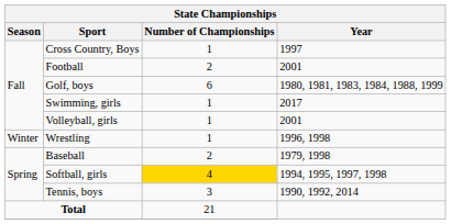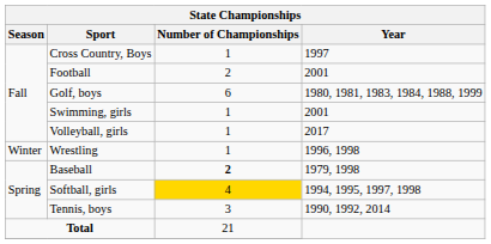 <table class="wikitable">
 <tr>
 <th colspan=4>State Championships</th>
 </tr>
 <tr>
 <th>Season</th>
 <th>Sport</th>
 <th>Number of Championships</th>
 <th>Year</th>
 </tr>
 <tr>
 <td rowspan=5>Fall</td>
 <td>Cross Country, Boys</td>
 <td align="center">1</td>
 <td>1997</td>
 </tr>
 <tr>
 <td>Football</td>
 <td align="center">2</td>
 <td>2001</td>
 </tr>
 <tr>
 <td>Golf, boys</td>
 <td align="center">6</td>
 <td>1980, 1981, 1983, 1984, 1988, 1999</td>
 </tr>
 <tr>
 <td>Swimming, girls</td>
 <td align="center">1</td>
-<td>2017</td>
+<td>2001</td>
 </tr>
 <tr>
 <td>Volleyball, girls</td>
 <td align="center">1</td>
-<td>2001</td>
+<td>2017</td>
 </tr>
 <tr>
 <td rowspan=1>Winter</td>
 <td>Wrestling</td>
 <td align="center">1</td>
 <td>1996, 1998</td>
 </tr>
 <tr>
 <td rowspan=3>Spring</td>
 <td>Baseball</td>
-<td align="center">2</td>
+<td align="center"><strong>2</strong></td>
 <td>1979, 1998</td>
 </tr>
 <tr>
 <td>Softball, girls</td>
 <td align="center" style="background: gold;">4</td>
 <td>1994, 1995, 1997, 1998</td>
 </tr>
 <tr>
 <td>Tennis, boys</td>
 <td align="center">3</td>
 <td>1990, 1992, 2014</td>
 </tr>
 <tr>
 <td align="center" colspan=2><strong>Total</strong></td>
 <td align="center">21</td>
 </tr>
 <tr>
 </tr>
 </table>
